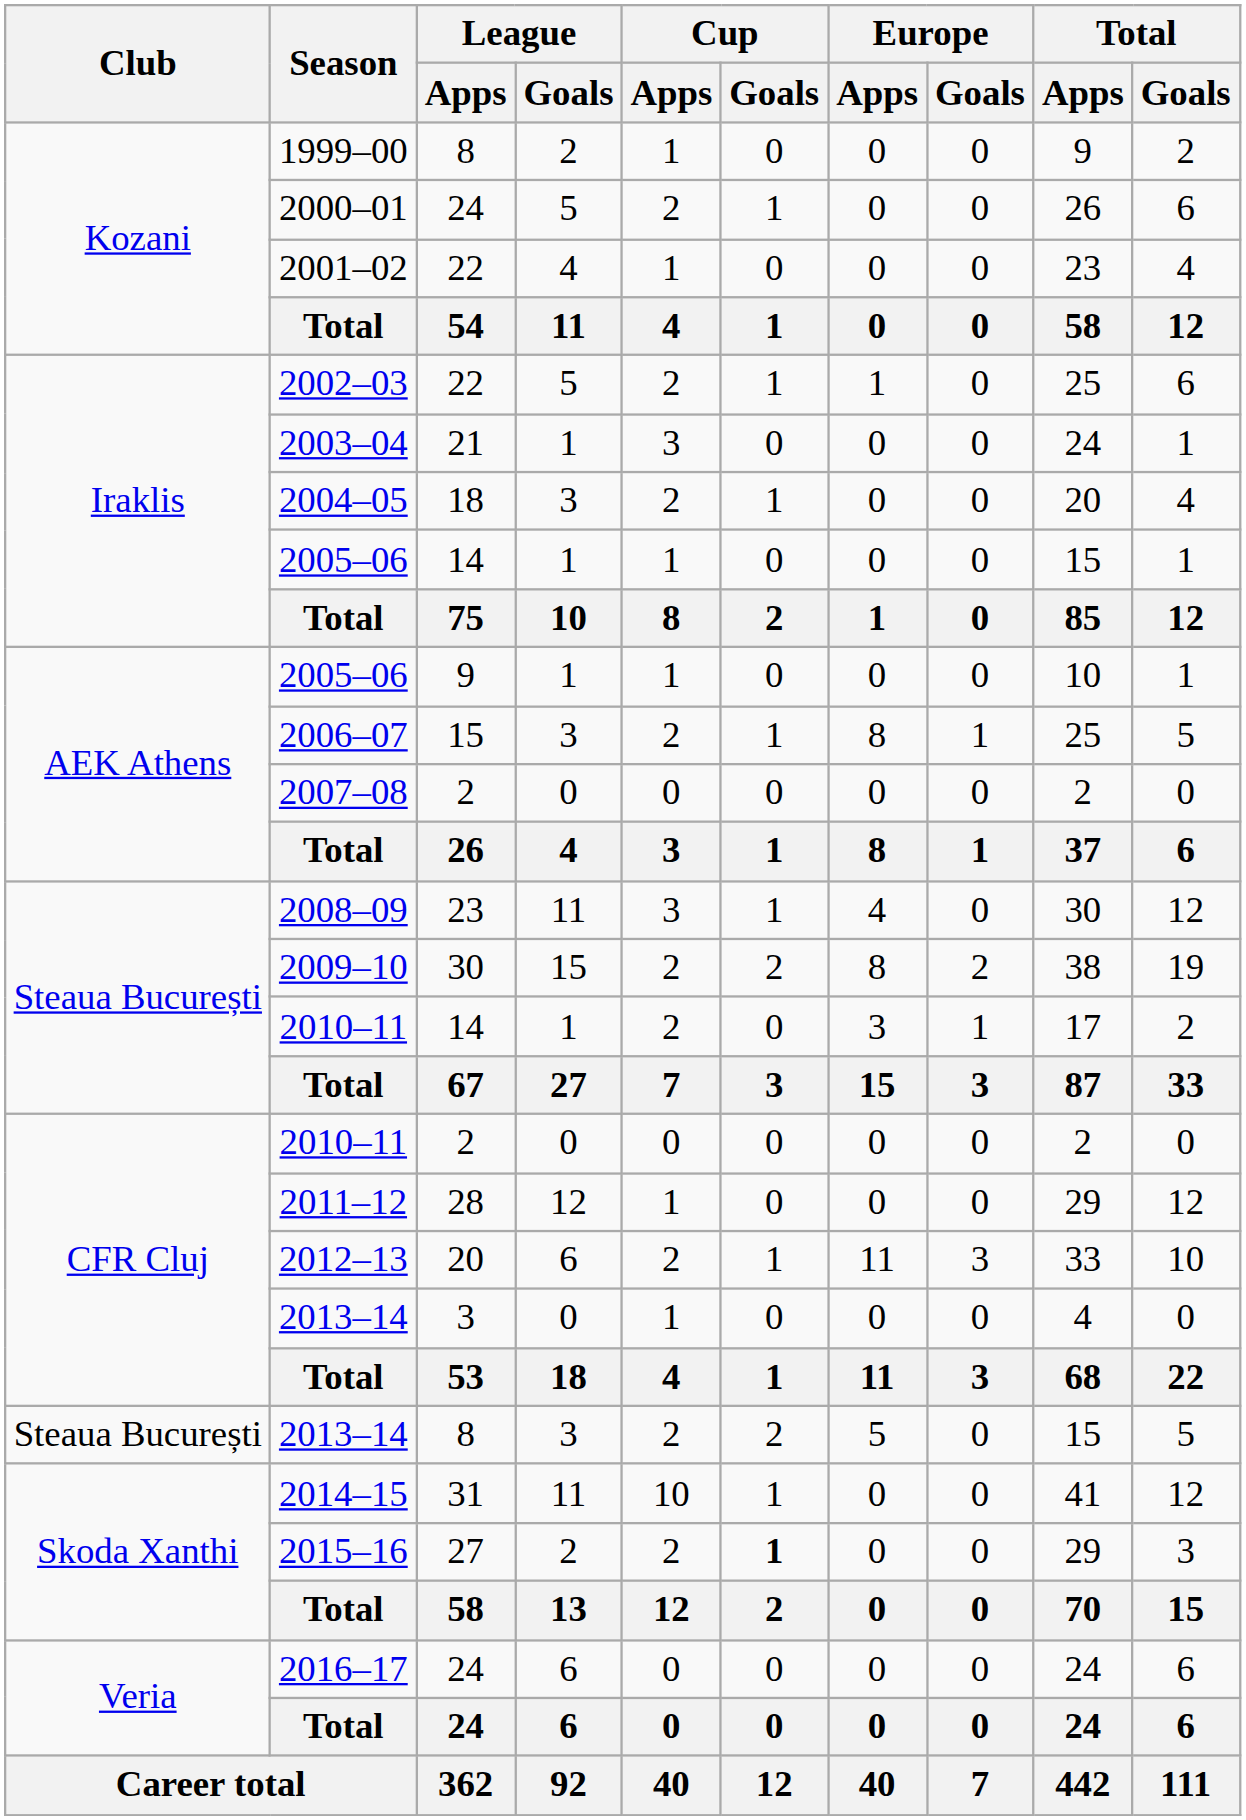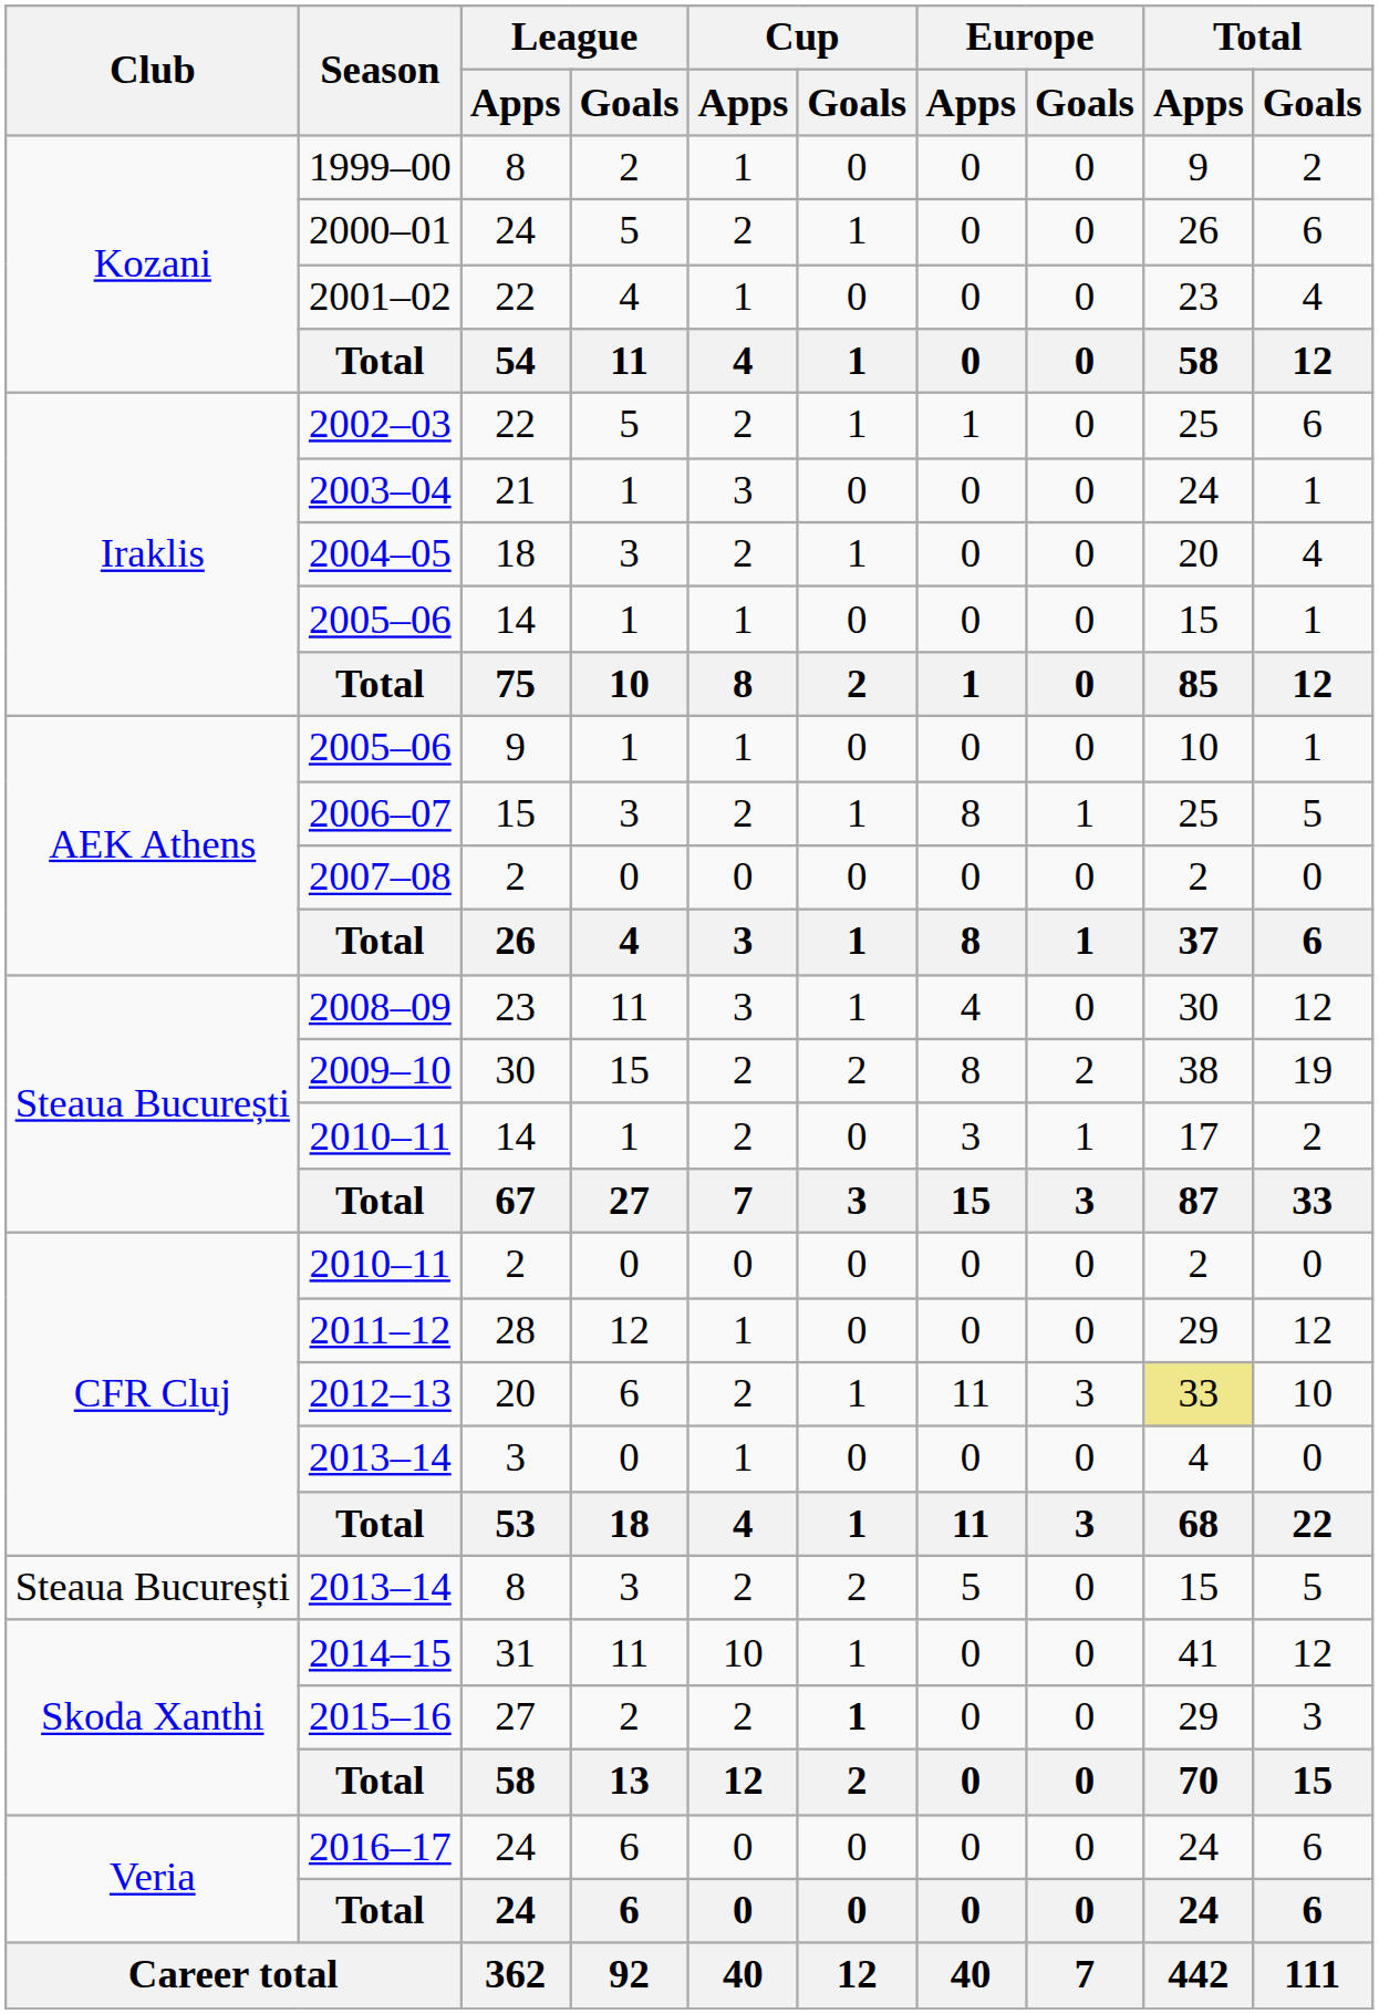 <table class="wikitable" style="text-align:center">
 <tr>
 <th rowspan="2">Club</th>
 <th rowspan="2">Season</th>
 <th colspan="2">League</th>
 <th colspan="2">Cup</th>
 <th colspan="2">Europe</th>
 <th colspan="2">Total</th>
 </tr>
 <tr>
 <th>Apps</th>
 <th>Goals</th>
 <th>Apps</th>
 <th>Goals</th>
 <th>Apps</th>
 <th>Goals</th>
 <th>Apps</th>
 <th>Goals</th>
 </tr>
 <tr>
 <td rowspan="4"><a href='#'>Kozani</a></td>
 <td>1999–00</td>
 <td>8</td>
 <td>2</td>
 <td>1</td>
 <td>0</td>
 <td>0</td>
 <td>0</td>
 <td>9</td>
 <td>2</td>
 </tr>
 <tr>
 <td>2000–01</td>
 <td>24</td>
 <td>5</td>
 <td>2</td>
 <td>1</td>
 <td>0</td>
 <td>0</td>
 <td>26</td>
 <td>6</td>
 </tr>
 <tr>
 <td>2001–02</td>
 <td>22</td>
 <td>4</td>
 <td>1</td>
 <td>0</td>
 <td>0</td>
 <td>0</td>
 <td>23</td>
 <td>4</td>
 </tr>
 <tr>
 <th>Total</th>
 <th>54</th>
 <th>11</th>
 <th>4</th>
 <th>1</th>
 <th>0</th>
 <th>0</th>
 <th>58</th>
 <th>12</th>
 </tr>
 <tr>
 <td rowspan="5"><a href='#'>Iraklis</a></td>
 <td><a href='#'>2002–03</a></td>
 <td>22</td>
 <td>5</td>
 <td>2</td>
 <td>1</td>
 <td>1</td>
 <td>0</td>
 <td>25</td>
 <td>6</td>
 </tr>
 <tr>
 <td><a href='#'>2003–04</a></td>
 <td>21</td>
 <td>1</td>
 <td>3</td>
 <td>0</td>
 <td>0</td>
 <td>0</td>
 <td>24</td>
 <td>1</td>
 </tr>
 <tr>
 <td><a href='#'>2004–05</a></td>
 <td>18</td>
 <td>3</td>
 <td>2</td>
 <td>1</td>
 <td>0</td>
 <td>0</td>
 <td>20</td>
 <td>4</td>
 </tr>
 <tr>
 <td><a href='#'>2005–06</a></td>
 <td>14</td>
 <td>1</td>
 <td>1</td>
 <td>0</td>
 <td>0</td>
 <td>0</td>
 <td>15</td>
 <td>1</td>
 </tr>
 <tr>
 <th>Total</th>
 <th>75</th>
 <th>10</th>
 <th>8</th>
 <th>2</th>
 <th>1</th>
 <th>0</th>
 <th>85</th>
 <th>12</th>
 </tr>
 <tr>
 <td rowspan="4"><a href='#'>AEK Athens</a></td>
 <td><a href='#'>2005–06</a></td>
 <td>9</td>
 <td>1</td>
 <td>1</td>
 <td>0</td>
 <td>0</td>
 <td>0</td>
 <td>10</td>
 <td>1</td>
 </tr>
 <tr>
 <td><a href='#'>2006–07</a></td>
 <td>15</td>
 <td>3</td>
 <td>2</td>
 <td>1</td>
 <td>8</td>
 <td>1</td>
 <td>25</td>
 <td>5</td>
 </tr>
 <tr>
 <td><a href='#'>2007–08</a></td>
 <td>2</td>
 <td>0</td>
 <td>0</td>
 <td>0</td>
 <td>0</td>
 <td>0</td>
 <td>2</td>
 <td>0</td>
 </tr>
 <tr>
 <th>Total</th>
 <th>26</th>
 <th>4</th>
 <th>3</th>
 <th>1</th>
 <th>8</th>
 <th>1</th>
 <th>37</th>
 <th>6</th>
 </tr>
 <tr>
 <td rowspan="4"><a href='#'>Steaua București</a></td>
 <td><a href='#'>2008–09</a></td>
 <td>23</td>
 <td>11</td>
 <td>3</td>
 <td>1</td>
 <td>4</td>
 <td>0</td>
 <td>30</td>
 <td>12</td>
 </tr>
 <tr>
 <td><a href='#'>2009–10</a></td>
 <td>30</td>
 <td>15</td>
 <td>2</td>
 <td>2</td>
 <td>8</td>
 <td>2</td>
 <td>38</td>
 <td>19</td>
 </tr>
 <tr>
 <td><a href='#'>2010–11</a></td>
 <td>14</td>
 <td>1</td>
 <td>2</td>
 <td>0</td>
 <td>3</td>
 <td>1</td>
 <td>17</td>
 <td>2</td>
 </tr>
 <tr>
 <th>Total</th>
 <th>67</th>
 <th>27</th>
 <th>7</th>
 <th>3</th>
 <th>15</th>
 <th>3</th>
 <th>87</th>
 <th>33</th>
 </tr>
 <tr>
 <td rowspan="5"><a href='#'>CFR Cluj</a></td>
 <td><a href='#'>2010–11</a></td>
 <td>2</td>
 <td>0</td>
 <td>0</td>
 <td>0</td>
 <td>0</td>
 <td>0</td>
 <td>2</td>
 <td>0</td>
 </tr>
 <tr>
 <td><a href='#'>2011–12</a></td>
 <td>28</td>
 <td>12</td>
 <td>1</td>
 <td>0</td>
 <td>0</td>
 <td>0</td>
 <td>29</td>
 <td>12</td>
 </tr>
 <tr>
 <td><a href='#'>2012–13</a></td>
 <td>20</td>
 <td>6</td>
 <td>2</td>
 <td>1</td>
 <td>11</td>
 <td>3</td>
-<td>33</td>
+<td style="background: khaki;">33</td>
 <td>10</td>
 </tr>
 <tr>
 <td><a href='#'>2013–14</a></td>
 <td>3</td>
 <td>0</td>
 <td>1</td>
 <td>0</td>
 <td>0</td>
 <td>0</td>
 <td>4</td>
 <td>0</td>
 </tr>
 <tr>
 <th>Total</th>
 <th>53</th>
 <th>18</th>
 <th>4</th>
 <th>1</th>
 <th>11</th>
 <th>3</th>
 <th>68</th>
 <th>22</th>
 </tr>
 <tr>
 <td>Steaua București</td>
 <td><a href='#'>2013–14</a></td>
 <td>8</td>
 <td>3</td>
 <td>2</td>
 <td>2</td>
 <td>5</td>
 <td>0</td>
 <td>15</td>
 <td>5</td>
 </tr>
 <tr>
 <td rowspan="3"><a href='#'>Skoda Xanthi</a></td>
 <td><a href='#'>2014–15</a></td>
 <td>31</td>
 <td>11</td>
 <td>10</td>
 <td>1</td>
 <td>0</td>
 <td>0</td>
 <td>41</td>
 <td>12</td>
 </tr>
 <tr>
 <td><a href='#'>2015–16</a></td>
 <td>27</td>
 <td>2</td>
 <td>2</td>
 <td><strong>1</strong></td>
 <td>0</td>
 <td>0</td>
 <td>29</td>
 <td>3</td>
 </tr>
 <tr>
 <th>Total</th>
 <th>58</th>
 <th>13</th>
 <th>12</th>
 <th>2</th>
 <th>0</th>
 <th>0</th>
 <th>70</th>
 <th>15</th>
 </tr>
 <tr>
 <td rowspan="2"><a href='#'>Veria</a></td>
 <td><a href='#'>2016–17</a></td>
 <td>24</td>
 <td>6</td>
 <td>0</td>
 <td>0</td>
 <td>0</td>
 <td>0</td>
 <td>24</td>
 <td>6</td>
 </tr>
 <tr>
 <th>Total</th>
 <th>24</th>
 <th>6</th>
 <th>0</th>
 <th>0</th>
 <th>0</th>
 <th>0</th>
 <th>24</th>
 <th>6</th>
 </tr>
 <tr>
 <th colspan="2">Career total</th>
 <th>362</th>
 <th>92</th>
 <th>40</th>
 <th>12</th>
 <th>40</th>
 <th>7</th>
 <th>442</th>
 <th>111</th>
 </tr>
 </table>
